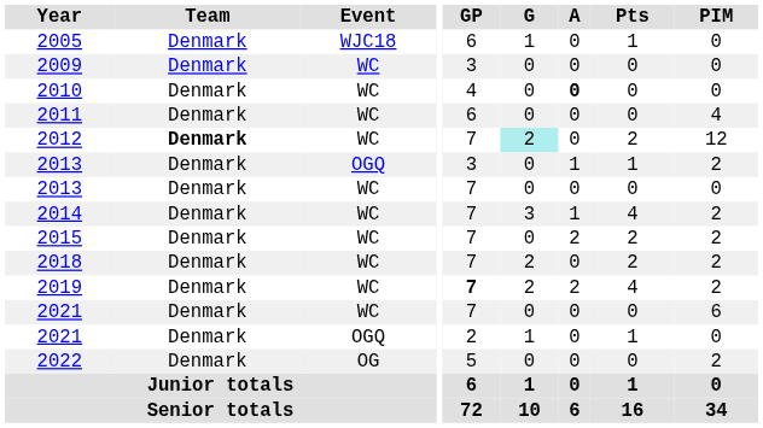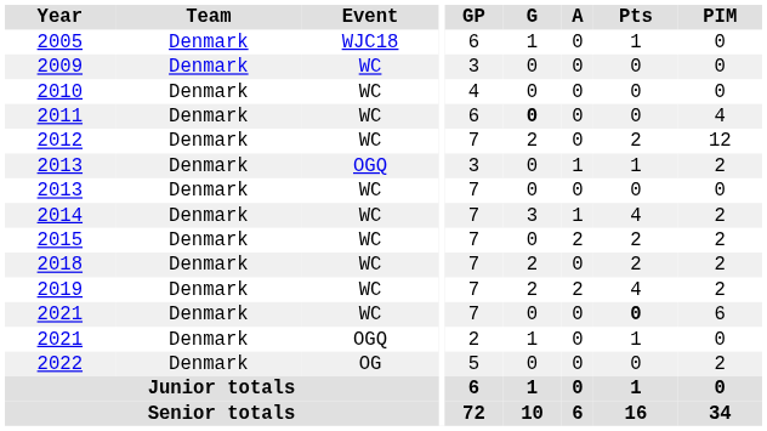 <table border="0" cellpadding="1" cellspacing="0" ID="Table3" style="text-align:center; width:40em">
 <tr ALIGN="center" bgcolor="#e0e0e0">
 <th>Year</th>
 <th>Team</th>
 <th>Event</th>
 <th rowspan="99" bgcolor="#ffffff"></th>
 <th>GP</th>
 <th>G</th>
 <th>A</th>
 <th>Pts</th>
 <th>PIM</th>
 </tr>
 <tr>
 <td><a href='#'>2005</a></td>
 <td><a href='#'>Denmark</a></td>
 <td><a href='#'>WJC18</a></td>
 <td>6</td>
 <td>1</td>
 <td>0</td>
 <td>1</td>
 <td>0</td>
 </tr>
 <tr bgcolor="#f0f0f0">
 <td><a href='#'>2009</a></td>
 <td><a href='#'>Denmark</a></td>
 <td><a href='#'>WC</a></td>
 <td>3</td>
 <td>0</td>
 <td>0</td>
 <td>0</td>
 <td>0</td>
 </tr>
 <tr>
 <td><a href='#'>2010</a></td>
 <td>Denmark</td>
 <td>WC</td>
 <td>4</td>
 <td>0</td>
-<td><strong>0</strong></td>
+<td>0</td>
 <td>0</td>
 <td>0</td>
 </tr>
 <tr bgcolor="#f0f0f0">
 <td><a href='#'>2011</a></td>
 <td>Denmark</td>
 <td>WC</td>
 <td>6</td>
-<td>0</td>
+<td><strong>0</strong></td>
 <td>0</td>
 <td>0</td>
 <td>4</td>
 </tr>
 <tr>
 <td><a href='#'>2012</a></td>
-<td><strong>Denmark</strong></td>
+<td>Denmark</td>
 <td>WC</td>
 <td>7</td>
-<td style="background: paleturquoise;">2</td>
+<td>2</td>
 <td>0</td>
 <td>2</td>
 <td>12</td>
 </tr>
 <tr bgcolor="#f0f0f0">
 <td><a href='#'>2013</a></td>
 <td>Denmark</td>
 <td><a href='#'>OGQ</a></td>
 <td>3</td>
 <td>0</td>
 <td>1</td>
 <td>1</td>
 <td>2</td>
 </tr>
 <tr>
 <td><a href='#'>2013</a></td>
 <td>Denmark</td>
 <td>WC</td>
 <td>7</td>
 <td>0</td>
 <td>0</td>
 <td>0</td>
 <td>0</td>
 </tr>
 <tr bgcolor="#f0f0f0">
 <td><a href='#'>2014</a></td>
 <td>Denmark</td>
 <td>WC</td>
 <td>7</td>
 <td>3</td>
 <td>1</td>
 <td>4</td>
 <td>2</td>
 </tr>
 <tr>
 <td><a href='#'>2015</a></td>
 <td>Denmark</td>
 <td>WC</td>
 <td>7</td>
 <td>0</td>
 <td>2</td>
 <td>2</td>
 <td>2</td>
 </tr>
 <tr bgcolor="#f0f0f0">
 <td><a href='#'>2018</a></td>
 <td>Denmark</td>
 <td>WC</td>
 <td>7</td>
 <td>2</td>
 <td>0</td>
 <td>2</td>
 <td>2</td>
 </tr>
 <tr>
 <td><a href='#'>2019</a></td>
 <td>Denmark</td>
 <td>WC</td>
-<td><strong>7</strong></td>
+<td>7</td>
 <td>2</td>
 <td>2</td>
 <td>4</td>
 <td>2</td>
 </tr>
 <tr bgcolor="#f0f0f0">
 <td><a href='#'>2021</a></td>
 <td>Denmark</td>
 <td>WC</td>
 <td>7</td>
 <td>0</td>
 <td>0</td>
-<td>0</td>
+<td><strong>0</strong></td>
 <td>6</td>
 </tr>
 <tr>
 <td><a href='#'>2021</a></td>
 <td>Denmark</td>
 <td>OGQ</td>
 <td>2</td>
 <td>1</td>
 <td>0</td>
 <td>1</td>
 <td>0</td>
 </tr>
 <tr bgcolor="#f0f0f0">
 <td><a href='#'>2022</a></td>
 <td>Denmark</td>
 <td>OG</td>
 <td>5</td>
 <td>0</td>
 <td>0</td>
 <td>0</td>
 <td>2</td>
 </tr>
 <tr bgcolor="#e0e0e0">
 <th colspan="3">Junior totals</th>
 <th>6</th>
 <th>1</th>
 <th>0</th>
 <th>1</th>
 <th>0</th>
 </tr>
 <tr bgcolor="#e0e0e0">
 <th colspan="3">Senior totals</th>
 <th>72</th>
 <th>10</th>
 <th>6</th>
 <th>16</th>
 <th>34</th>
 </tr>
 </table>
